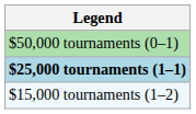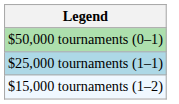 <table class="wikitable" style="font-size:85%;">
 <tr>
 <th>Legend</th>
 </tr>
 <tr style="background:#addfad;">
 <td>$50,000 tournaments (0–1)</td>
 </tr>
 <tr style="background:lightblue;">
-<td><strong>$25,000 tournaments (1–1)</strong></td>
+<td>$25,000 tournaments (1–1)</td>
 </tr>
 <tr style="background:#f0f8ff;">
 <td>$15,000 tournaments (1–2)</td>
 </tr>
 </table>
